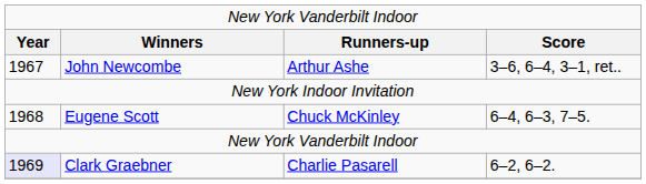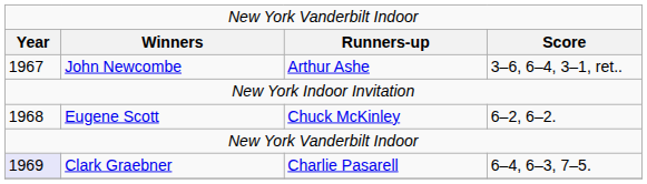 <table class="wikitable">
 <tr>
 <td colspan=4 align=center><em>New York Vanderbilt Indoor</em></td>
 </tr>
 <tr>
 <th style="width:50px">Year</th>
 <th style="width:220px">Winners</th>
 <th style="width:200px">Runners-up</th>
 <th style="width:150px" class="unsortable">Score</th>
 </tr>
 <tr>
 <td>1967</td>
 <td> <a href='#'>John Newcombe</a></td>
 <td> <a href='#'>Arthur Ashe</a></td>
 <td>3–6, 6–4, 3–1, ret..</td>
 </tr>
 <tr>
 <td colspan=4 align=center><em>New York Indoor Invitation</em></td>
 </tr>
 <tr>
 <td>1968</td>
 <td> <a href='#'>Eugene Scott</a></td>
 <td> <a href='#'>Chuck McKinley</a></td>
-<td>6–4, 6–3, 7–5.</td>
+<td>6–2, 6–2.</td>
 </tr>
 <tr>
 <td colspan=4 align=center><em>New York Vanderbilt Indoor</em></td>
 </tr>
 <tr>
 <td style="background: lavender;">1969</td>
 <td> <a href='#'>Clark Graebner</a></td>
 <td> <a href='#'>Charlie Pasarell</a></td>
-<td>6–2, 6–2.</td>
+<td>6–4, 6–3, 7–5.</td>
 </tr>
 <tr>
 </tr>
 </table>
